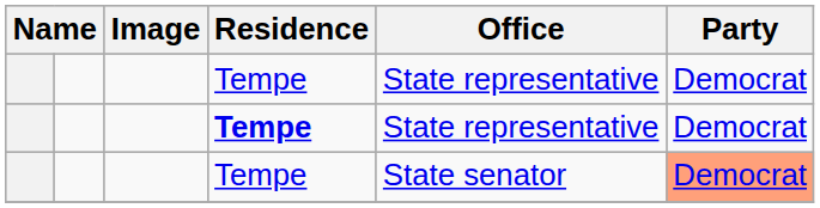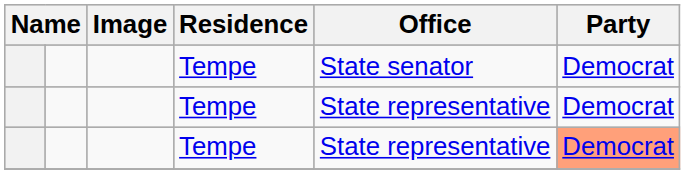 <table class="sortable wikitable">
 <tr valign=bottom>
 <th colspan="2">Name</th>
 <th>Image</th>
 <th>Residence</th>
 <th>Office</th>
 <th>Party</th>
 </tr>
 <tr>
 <th style="background-color:  "></th>
 <td></td>
 <td></td>
 <td><a href='#'>Tempe</a></td>
-<td><a href='#'>State representative</a></td>
+<td><a href='#'>State senator</a></td>
 <td><a href='#'>Democrat</a></td>
 </tr>
 <tr>
 <th style="background-color:  "></th>
 <td></td>
 <td></td>
-<td><strong><a href='#'>Tempe</a></strong></td>
+<td><a href='#'>Tempe</a></td>
 <td><a href='#'>State representative</a></td>
 <td><a href='#'>Democrat</a></td>
 </tr>
 <tr>
 <th style="background-color:  "></th>
 <td></td>
 <td></td>
 <td><a href='#'>Tempe</a></td>
-<td><a href='#'>State senator</a></td>
+<td><a href='#'>State representative</a></td>
 <td style="background: lightsalmon;"><a href='#'>Democrat</a></td>
 </tr>
 <tr>
 </tr>
 </table>
